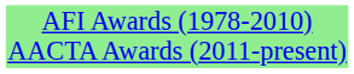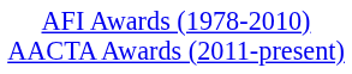 <table id=toc class=toc summary=Contents>
 <tr>
 <th></th>
 </tr>
 <tr>
-<td align=center style="background: lightgreen;"><a href='#'>AFI Awards (1978-2010)</a><br><a href='#'>AACTA Awards (2011-present)</a></td>
+<td align=center><a href='#'>AFI Awards (1978-2010)</a><br><a href='#'>AACTA Awards (2011-present)</a></td>
 </tr>
 </table>
